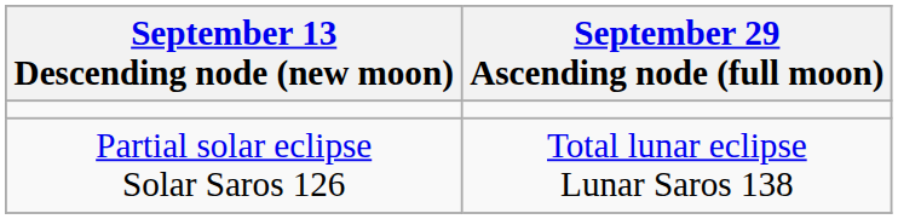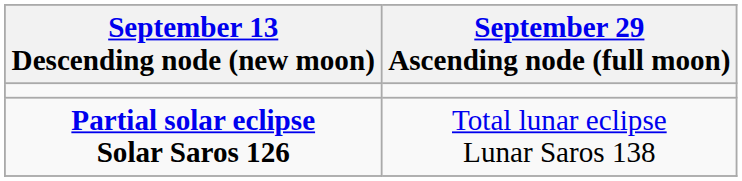 <table class="wikitable">
 <tr>
 <th><a href='#'>September 13</a><br>Descending node (new moon)<br></th>
 <th><a href='#'>September 29</a><br>Ascending node (full moon)<br></th>
 </tr>
 <tr>
 <td></td>
 <td></td>
 </tr>
 <tr align=center>
-<td><a href='#'>Partial solar eclipse</a><br>Solar Saros 126</td>
+<td><strong><a href='#'>Partial solar eclipse</a><br>Solar Saros 126</strong></td>
 <td><a href='#'>Total lunar eclipse</a><br>Lunar Saros 138</td>
 </tr>
 </table>
